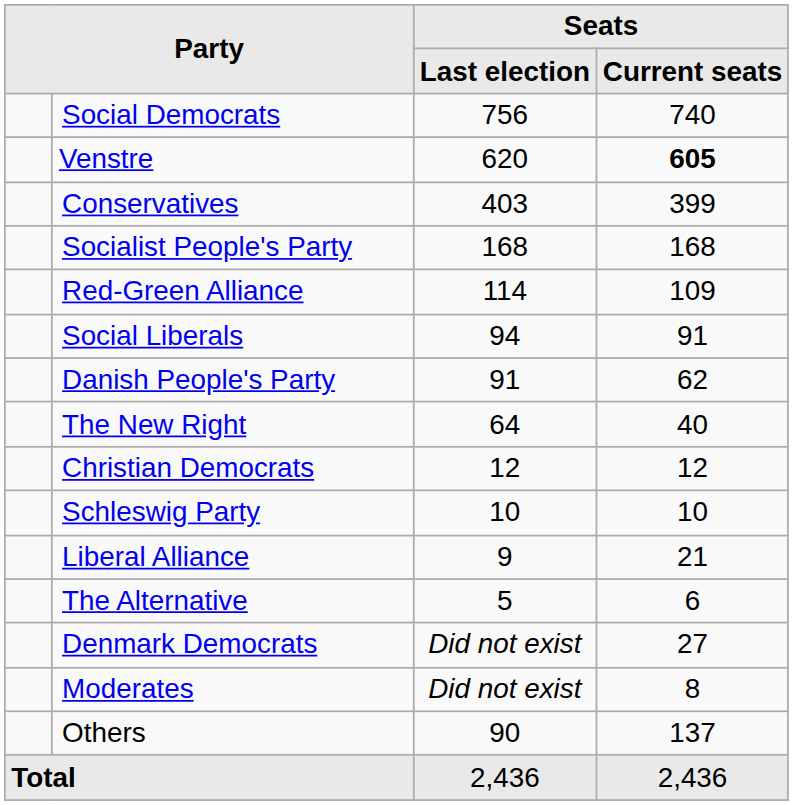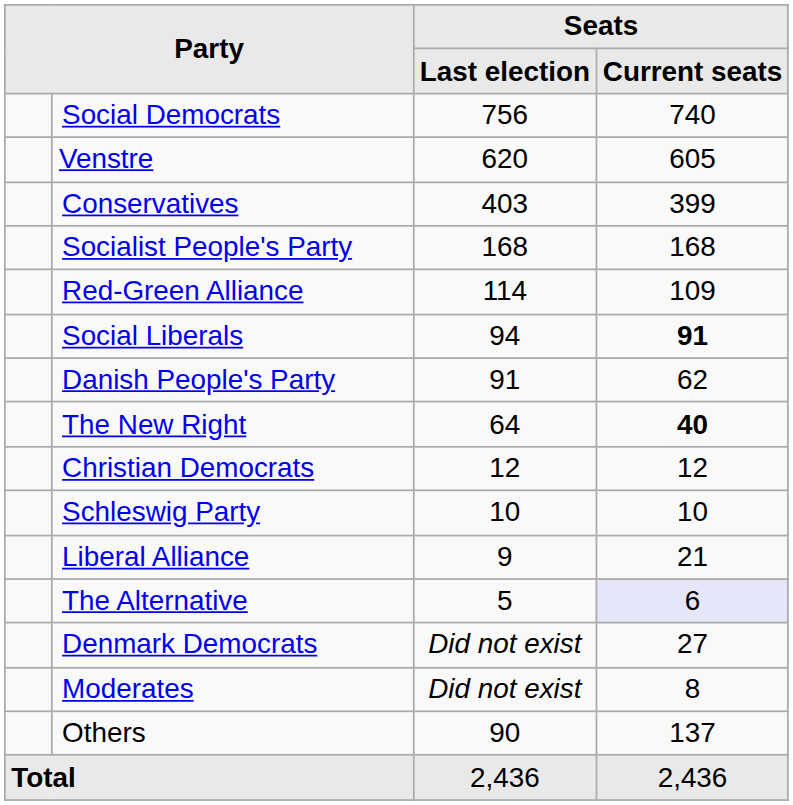 <table class="wikitable sortable">
 <tr>
 <th style=background-color:#E9E9E9 rowspan = 2 colspan=2>Party</th>
 <th style=background-color:#E9E9E9 colspan=3>Seats</th>
 </tr>
 <tr>
 <th style=background-color:#E9E9E9>Last election</th>
 <th style=background-color:#E9E9E9>Current seats<br></th>
 </tr>
 <tr>
 <td style="background:"></td>
 <td style=padding-left:5px;><a href='#'>Social Democrats</a></td>
 <td align=center>756</td>
 <td align=center>740</td>
 </tr>
 <tr>
 <td style="width:20px; background:"></td>
 <td style=width:200px padding-left:5px;><a href='#'>Venstre</a></td>
 <td align=center>620</td>
-<td align=center><strong>605</strong></td>
+<td align=center>605</td>
 </tr>
 <tr>
 <td style="background:"></td>
 <td style=padding-left:5px;><a href='#'>Conservatives</a></td>
 <td align=center>403</td>
 <td align=center>399</td>
 </tr>
 <tr>
 <td style="background:"></td>
 <td style=padding-left:5px;><a href='#'>Socialist People's Party</a></td>
 <td align=center>168</td>
 <td align=center>168</td>
 </tr>
 <tr>
 <td style="background:"></td>
 <td style=padding-left:5px;><a href='#'>Red-Green Alliance</a></td>
 <td align=center>114</td>
 <td align=center>109</td>
 </tr>
 <tr>
 <td style="background:"></td>
 <td style=padding-left:5px;><a href='#'>Social Liberals</a></td>
 <td align=center>94</td>
-<td align=center>91</td>
+<td align=center><strong>91</strong></td>
 </tr>
 <tr>
 <td style="background:"></td>
 <td style=padding-left:5px;><a href='#'>Danish People's Party</a></td>
 <td align=center>91</td>
 <td align=center>62</td>
 </tr>
 <tr>
 <td style="background:"></td>
 <td style=padding-left:5px;><a href='#'>The New Right</a></td>
 <td align=center>64</td>
-<td align=center>40</td>
+<td align=center><strong>40</strong></td>
 </tr>
 <tr>
 <td style="background:"></td>
 <td style=padding-left:5px;><a href='#'>Christian Democrats</a></td>
 <td align=center>12</td>
 <td align=center>12</td>
 </tr>
 <tr>
 <td style="background:"></td>
 <td style=padding-left:5px;><a href='#'>Schleswig Party</a></td>
 <td align=center>10</td>
 <td align=center>10</td>
 </tr>
 <tr>
 <td style="background:"></td>
 <td style=padding-left:5px;><a href='#'>Liberal Alliance</a></td>
 <td align=center>9</td>
 <td align=center>21</td>
 </tr>
 <tr>
 <td style="background:"></td>
 <td style=padding-left:5px;><a href='#'>The Alternative</a></td>
 <td align=center>5</td>
-<td align=center>6</td>
+<td align=center style="background: lavender;">6</td>
 </tr>
 <tr>
 <td style="background:"></td>
 <td style=padding-left:5px;><a href='#'>Denmark Democrats</a></td>
 <td align=center><em>Did not exist</em></td>
 <td align=center>27</td>
 </tr>
 <tr>
 <td style="background:"></td>
 <td style=padding-left:5px;><a href='#'>Moderates</a></td>
 <td align=center><em>Did not exist</em></td>
 <td align=center>8</td>
 </tr>
 <tr>
 <td style="background:"></td>
 <td style=padding-left:5px;>Others</td>
 <td align=center>90</td>
 <td align=center>137</td>
 </tr>
 <tr>
 <td style=background-color:#E9E9E9 colspan=2><strong>Total</strong></td>
 <td align=center style=background-color:#E9E9E9>2,436</td>
 <td align=center style=background-color:#E9E9E9>2,436</td>
 </tr>
 </table>
